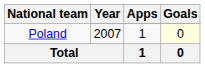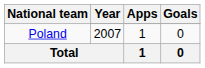 <table class="wikitable" style="text-align:center">
 <tr>
 <th>National team</th>
 <th>Year</th>
 <th>Apps</th>
 <th>Goals</th>
 </tr>
 <tr>
 <td rowspan=2><a href='#'>Poland</a></td>
 </tr>
 <tr>
 <td>2007</td>
 <td>1</td>
-<td style="background: lightyellow;">0</td>
+<td>0</td>
 </tr>
 <tr>
 <th colspan="2">Total</th>
 <th>1</th>
 <th>0</th>
 </tr>
 </table>
